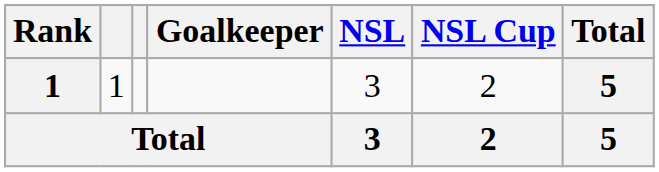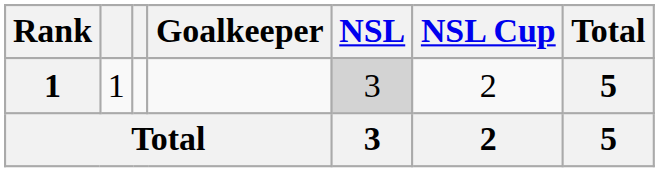 <table class="wikitable sortable" style="text-align:center">
 <tr>
 <th>Rank</th>
 <th></th>
 <th></th>
 <th>Goalkeeper</th>
 <th><a href='#'>NSL</a></th>
 <th><a href='#'>NSL Cup</a></th>
 <th>Total</th>
 </tr>
 <tr>
 <th>1</th>
 <td>1</td>
 <td></td>
 <td align="left"></td>
-<td>3</td>
+<td style="background: lightgrey;">3</td>
 <td>2</td>
 <th>5</th>
 </tr>
 <tr>
 <th colspan="4">Total</th>
 <th>3</th>
 <th>2</th>
 <th>5</th>
 </tr>
 </table>
